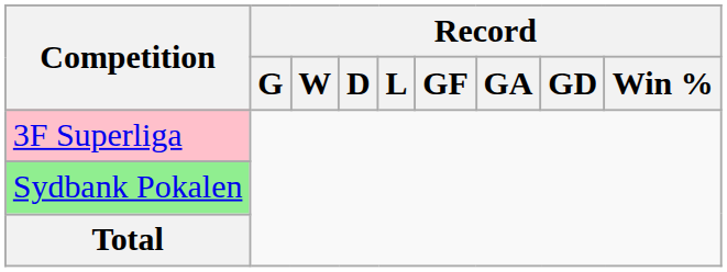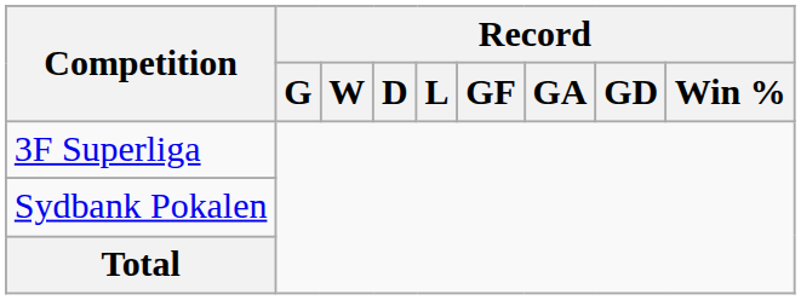 <table class="wikitable" style="text-align: center">
 <tr>
 <th rowspan="2">Competition</th>
 <th colspan="9">Record</th>
 </tr>
 <tr>
 <th>G</th>
 <th>W</th>
 <th>D</th>
 <th>L</th>
 <th>GF</th>
 <th>GA</th>
 <th>GD</th>
 <th>Win %</th>
 </tr>
 <tr>
-<td style="background: pink; text-align: left"><a href='#'>3F Superliga</a><br></td>
+<td style="text-align: left"><a href='#'>3F Superliga</a><br></td>
 </tr>
 <tr>
-<td style="background: lightgreen; text-align: left"><a href='#'>Sydbank Pokalen</a><br></td>
+<td style="text-align: left"><a href='#'>Sydbank Pokalen</a><br></td>
 </tr>
 <tr>
 <th>Total<br></th>
 </tr>
 </table>
